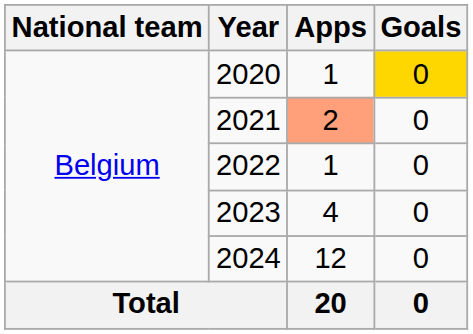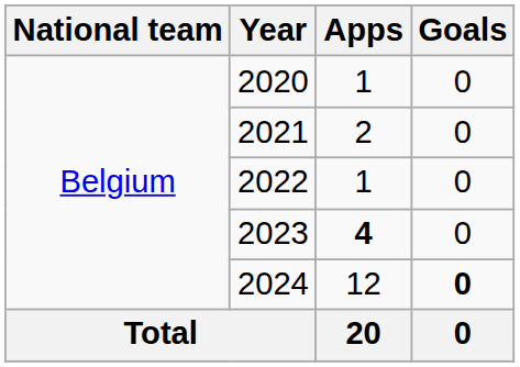 <table class="wikitable" style="text-align:center">
 <tr>
 <th>National team</th>
 <th>Year</th>
 <th>Apps</th>
 <th>Goals</th>
 </tr>
 <tr>
 <td rowspan="5"><a href='#'>Belgium</a></td>
 <td>2020</td>
 <td>1</td>
-<td style="background: gold;">0</td>
+<td>0</td>
 </tr>
 <tr>
 <td>2021</td>
-<td style="background: lightsalmon;">2</td>
+<td>2</td>
 <td>0</td>
 </tr>
 <tr>
 <td>2022</td>
 <td>1</td>
 <td>0</td>
 </tr>
 <tr>
 <td>2023</td>
-<td>4</td>
+<td><strong>4</strong></td>
 <td>0</td>
 </tr>
 <tr>
 <td>2024</td>
 <td>12</td>
-<td>0</td>
+<td><strong>0</strong></td>
 </tr>
 <tr>
 <th colspan="2">Total</th>
 <th>20</th>
 <th>0</th>
 </tr>
 </table>
